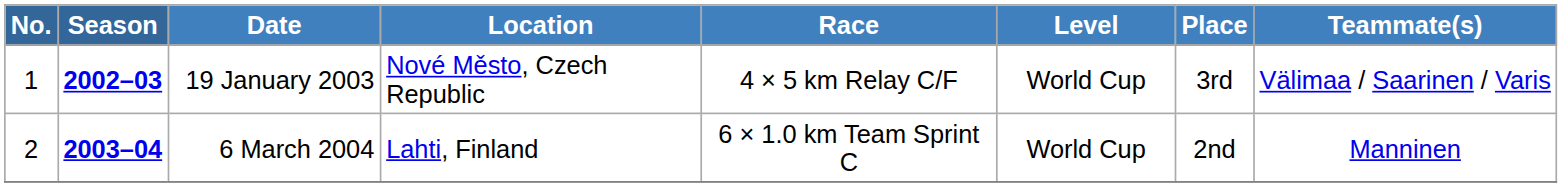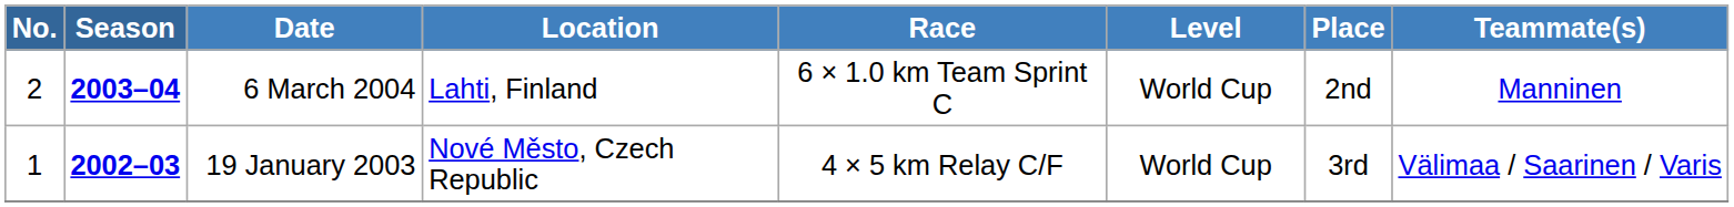 <table class="wikitable sortable" style="font-size:95%; text-align:center; border:grey solid 1px; border-collapse:collapse; background:#ffffff;">
 <tr style="background:#efefef;">
 <th style="background-color:#369; color:white;">No.</th>
 <th style="background-color:#369; color:white;">Season</th>
 <th style="background-color:#4180be; color:white; width:120px;">Date</th>
 <th style="background-color:#4180be; color:white; width:185px;">Location</th>
 <th style="background-color:#4180be; color:white; width:170px;">Race</th>
 <th style="background-color:#4180be; color:white; width:100px;">Level</th>
 <th style="background-color:#4180be; color:white;">Place</th>
 <th style="background-color:#4180be; color:white;">Teammate(s)</th>
 </tr>
 <tr>
+<td align=center>2</td>
+<td rowspan=1 align=center><strong><a href='#'>2003–04</a></strong></td>
+<td align=right>6 March 2004</td>
+<td align=left> <a href='#'>Lahti</a>, Finland</td>
+<td>6 × 1.0 km Team Sprint C</td>
+<td>World Cup</td>
+<td>2nd</td>
+<td><a href='#'>Manninen</a></td>
+</tr>
+<tr>
 <td align=center>1</td>
 <td rowspan=1 align=center><strong><a href='#'>2002–03</a></strong></td>
 <td align=right>19 January 2003</td>
 <td align=left> <a href='#'>Nové Město</a>, Czech Republic</td>
 <td>4 × 5 km Relay C/F</td>
 <td>World Cup</td>
 <td>3rd</td>
 <td><a href='#'>Välimaa</a> / <a href='#'>Saarinen</a> / <a href='#'>Varis</a></td>
 </tr>
 <tr>
-<td align=center>2</td>
-<td rowspan=1 align=center><strong><a href='#'>2003–04</a></strong></td>
-<td align=right>6 March 2004</td>
-<td align=left> <a href='#'>Lahti</a>, Finland</td>
-<td>6 × 1.0 km Team Sprint C</td>
-<td>World Cup</td>
-<td>2nd</td>
-<td><a href='#'>Manninen</a></td>
-</tr>
-<tr>
 </tr>
 </table>
